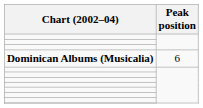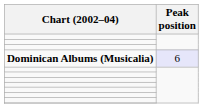 <table class="wikitable sortable plainrowheaders">
 <tr>
 <th>Chart (2002–04)</th>
 <th>Peak<br>position</th>
 </tr>
 <tr>
 <td></td>
 </tr>
 <tr>
 <td></td>
 </tr>
 <tr>
 <td></td>
 </tr>
 <tr>
 <td><strong>Dominican Albums (Musicalia)</strong></td>
-<td style="text-align:center;">6</td>
+<td style="background: lavender; text-align:center;">6</td>
 </tr>
 <tr>
 <td></td>
 </tr>
 <tr>
 <td></td>
 </tr>
 <tr>
 <td></td>
 </tr>
 <tr>
 <td></td>
 </tr>
 <tr>
 <td></td>
 </tr>
 <tr>
 <td></td>
 </tr>
 <tr>
 <td></td>
 </tr>
 <tr>
 </tr>
 <tr>
 </tr>
 </table>
